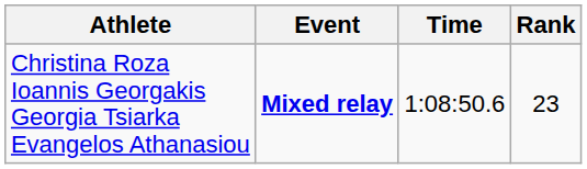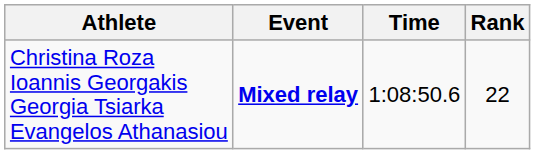 <table class="wikitable" style="font-size:90%">
 <tr>
 <th>Athlete</th>
 <th>Event</th>
 <th>Time</th>
 <th>Rank</th>
 </tr>
 <tr align=center>
 <td align=left><a href='#'>Christina Roza</a><br><a href='#'>Ioannis Georgakis</a><br><a href='#'>Georgia Tsiarka</a><br><a href='#'>Evangelos Athanasiou</a></td>
 <td align=left><strong><a href='#'>Mixed relay</a></strong></td>
 <td>1:08:50.6</td>
-<td>23</td>
+<td>22</td>
 </tr>
 </table>
